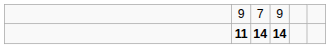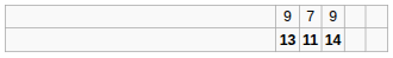 <table class="wikitable">
 <tr>
 <td style="width:18em"></td>
 <td align=center style="width:1em">9</td>
 <td align=center style="width:1em">7</td>
 <td align=center style="width:1em">9</td>
 <td align=center style="width:1em"></td>
 <td align=center style="width:1em"></td>
 </tr>
 <tr>
 <td style="width:18em"><strong></strong></td>
+<td align=center style="width:1em"><strong>13</strong></td>
 <td align=center style="width:1em"><strong>11</strong></td>
-<td align=center style="width:1em"><strong>14</strong></td>
 <td align=center style="width:1em"><strong>14</strong></td>
 <td align=center style="width:1em"></td>
 <td align=center style="width:1em"></td>
 </tr>
 </table>
